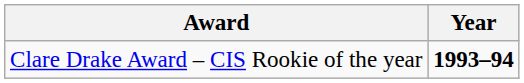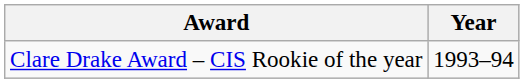 <table class="wikitable">
 <tr>
 <th>Award</th>
 <th>Year</th>
 </tr>
 <tr>
 <td><a href='#'>Clare Drake Award</a> – <a href='#'>CIS</a> Rookie of the year </td>
-<td><strong>1993–94</strong></td>
+<td>1993–94</td>
 </tr>
 </table>
